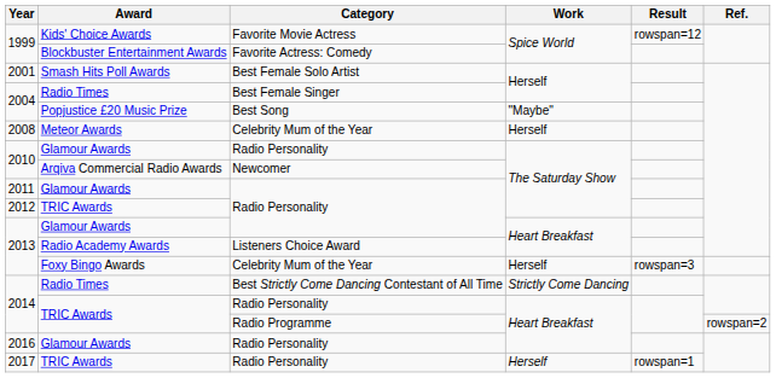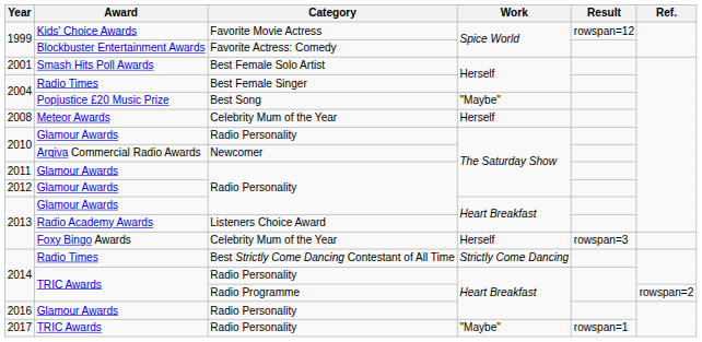 <table class="wikitable">
 <tr>
 <th>Year</th>
 <th>Award</th>
 <th>Category</th>
 <th>Work</th>
 <th>Result</th>
 <th>Ref.</th>
 </tr>
 <tr>
 <td rowspan=2>1999</td>
 <td><a href='#'>Kids' Choice Awards</a></td>
 <td>Favorite Movie Actress</td>
 <td rowspan=2><em>Spice World</em></td>
 <td>rowspan=12 </td>
 <td rowspan=2></td>
 </tr>
 <tr>
 <td><a href='#'>Blockbuster Entertainment Awards</a></td>
 <td>Favorite Actress: Comedy</td>
 </tr>
 <tr>
 <td>2001</td>
 <td><a href='#'>Smash Hits Poll Awards</a></td>
 <td>Best Female Solo Artist</td>
 <td rowspan=2>Herself</td>
 <td></td>
 </tr>
 <tr>
 <td rowspan=2>2004</td>
 <td><a href='#'>Radio Times</a></td>
 <td>Best Female Singer</td>
 <td></td>
 </tr>
 <tr>
 <td><a href='#'>Popjustice £20 Music Prize</a></td>
 <td>Best Song</td>
 <td>"Maybe"</td>
 <td></td>
 </tr>
 <tr>
 <td>2008</td>
 <td><a href='#'>Meteor Awards</a></td>
 <td>Celebrity Mum of the Year</td>
 <td>Herself</td>
 <td></td>
 </tr>
 <tr>
 <td rowspan=2>2010</td>
 <td><a href='#'>Glamour Awards</a></td>
 <td>Radio Personality</td>
 <td rowspan=4><em>The Saturday Show</em></td>
 <td></td>
 </tr>
 <tr>
 <td><a href='#'>Arqiva</a> Commercial Radio Awards</td>
 <td>Newcomer</td>
 <td></td>
 </tr>
 <tr>
 <td>2011</td>
 <td><a href='#'>Glamour Awards</a></td>
 <td rowspan=3>Radio Personality</td>
 <td></td>
 </tr>
 <tr>
 <td>2012</td>
-<td><a href='#'>TRIC Awards</a></td>
+<td><a href='#'>Glamour Awards</a></td>
 <td></td>
 </tr>
 <tr>
 <td rowspan=3>2013</td>
 <td><a href='#'>Glamour Awards</a></td>
 <td rowspan=2><em>Heart Breakfast</em></td>
 <td></td>
 </tr>
 <tr>
 <td><a href='#'>Radio Academy Awards</a></td>
 <td>Listeners Choice Award</td>
 <td></td>
 </tr>
 <tr>
 <td><a href='#'>Foxy Bingo</a> Awards</td>
 <td>Celebrity Mum of the Year</td>
 <td>Herself</td>
 <td>rowspan=3 </td>
 <td></td>
 </tr>
 <tr>
 <td rowspan=3>2014</td>
 <td><a href='#'>Radio Times</a></td>
 <td>Best <em>Strictly Come Dancing</em> Contestant of All Time</td>
 <td><em>Strictly Come Dancing</em></td>
 <td></td>
 </tr>
 <tr>
 <td rowspan=2><a href='#'>TRIC Awards</a></td>
 <td>Radio Personality</td>
 <td rowspan=3><em>Heart Breakfast</em></td>
 <td rowspan=2></td>
 </tr>
 <tr>
 <td>Radio Programme</td>
 <td>rowspan=2 </td>
 </tr>
 <tr>
 <td>2016</td>
 <td><a href='#'>Glamour Awards</a></td>
 <td>Radio Personality</td>
 <td></td>
 </tr>
 <tr>
 <td>2017</td>
 <td rowspan=1><a href='#'>TRIC Awards</a></td>
 <td>Radio Personality</td>
-<td rowspan=1><em>Herself</em></td>
+<td>"Maybe"</td>
 <td>rowspan=1 </td>
 </tr>
 </table>
